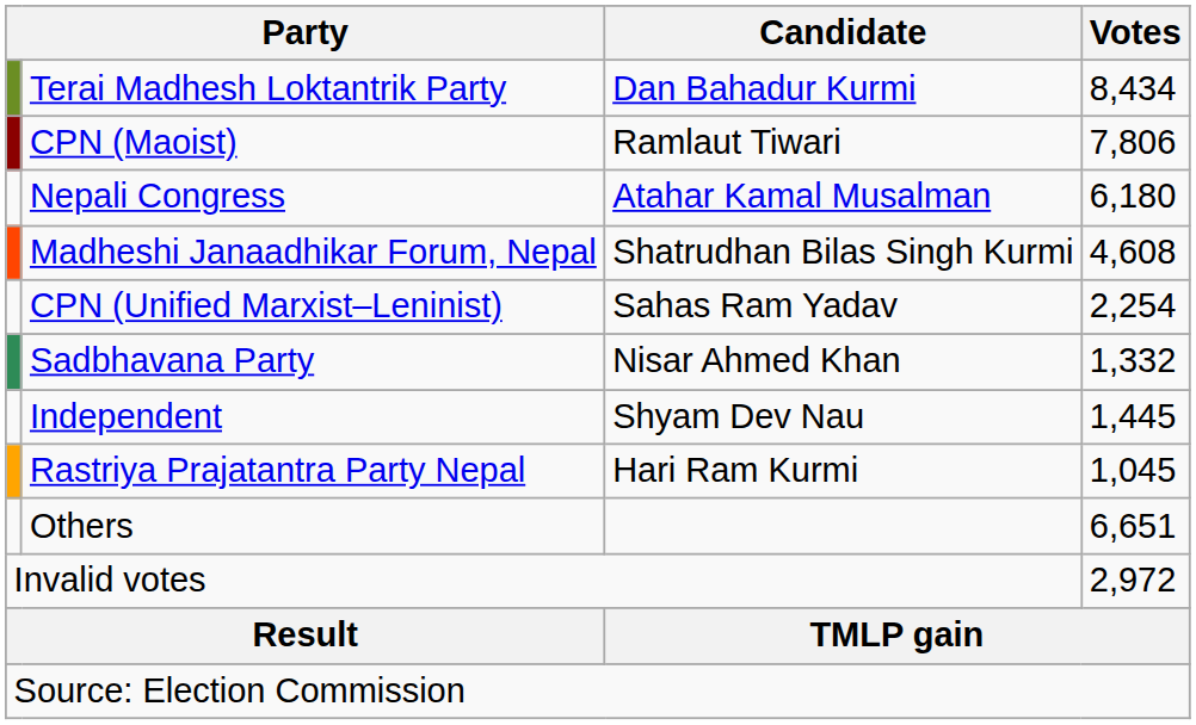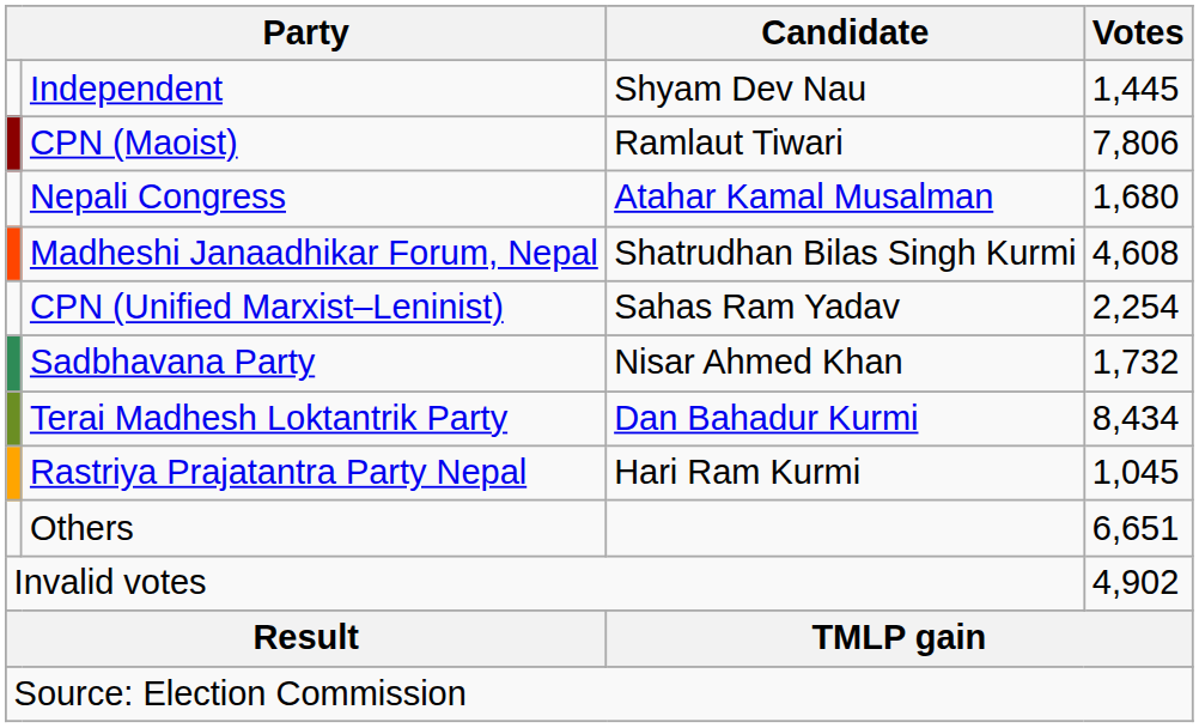 <table class="wikitable">
 <tr>
 <th colspan="2">Party</th>
 <th>Candidate</th>
 <th>Votes</th>
 </tr>
 <tr>
-<td style="background-color:olivedrab"></td>
-<td><a href='#'>Terai Madhesh Loktantrik Party</a></td>
-<td><a href='#'>Dan Bahadur Kurmi</a></td>
-<td>8,434</td>
+<td style="background-color:"></td>
+<td><a href='#'>Independent</a></td>
+<td>Shyam Dev Nau</td>
+<td>1,445</td>
 </tr>
 <tr>
 <td style="background-color:darkred"></td>
 <td><a href='#'>CPN (Maoist)</a></td>
 <td>Ramlaut Tiwari</td>
 <td>7,806</td>
 </tr>
 <tr>
 <td style="background-color:"></td>
 <td><a href='#'>Nepali Congress</a></td>
 <td><a href='#'>Atahar Kamal Musalman</a></td>
-<td>6,180</td>
+<td>1,680</td>
 </tr>
 <tr>
 <td style="background-color:orangered"></td>
 <td><a href='#'>Madheshi Janaadhikar Forum, Nepal</a></td>
 <td>Shatrudhan Bilas Singh Kurmi</td>
 <td>4,608</td>
 </tr>
 <tr>
 <td style="background-color:"></td>
 <td><a href='#'>CPN (Unified Marxist–Leninist)</a></td>
 <td>Sahas Ram Yadav</td>
 <td>2,254</td>
 </tr>
 <tr>
 <td style="background-color:seagreen"></td>
 <td><a href='#'>Sadbhavana Party</a></td>
 <td>Nisar Ahmed Khan</td>
-<td>1,332</td>
+<td>1,732</td>
 </tr>
 <tr>
-<td style="background-color:"></td>
-<td><a href='#'>Independent</a></td>
-<td>Shyam Dev Nau</td>
-<td>1,445</td>
+<td style="background-color:olivedrab"></td>
+<td><a href='#'>Terai Madhesh Loktantrik Party</a></td>
+<td><a href='#'>Dan Bahadur Kurmi</a></td>
+<td>8,434</td>
 </tr>
 <tr>
 <td style="background-color:orange"></td>
 <td><a href='#'>Rastriya Prajatantra Party Nepal</a></td>
 <td>Hari Ram Kurmi</td>
 <td>1,045</td>
 </tr>
 <tr>
 <td></td>
 <td>Others</td>
 <td></td>
 <td>6,651</td>
 </tr>
 <tr>
 <td colspan="3">Invalid votes</td>
-<td>2,972</td>
+<td>4,902</td>
 </tr>
 <tr>
 <th colspan="2">Result</th>
 <th colspan="2">TMLP gain</th>
 </tr>
 <tr>
 <td colspan="4">Source: Election Commission</td>
 </tr>
 </table>
